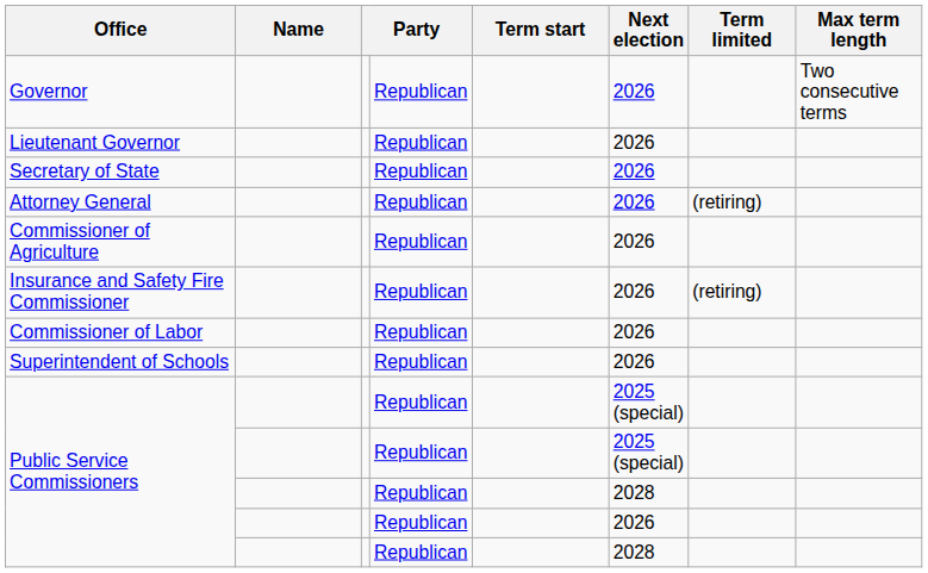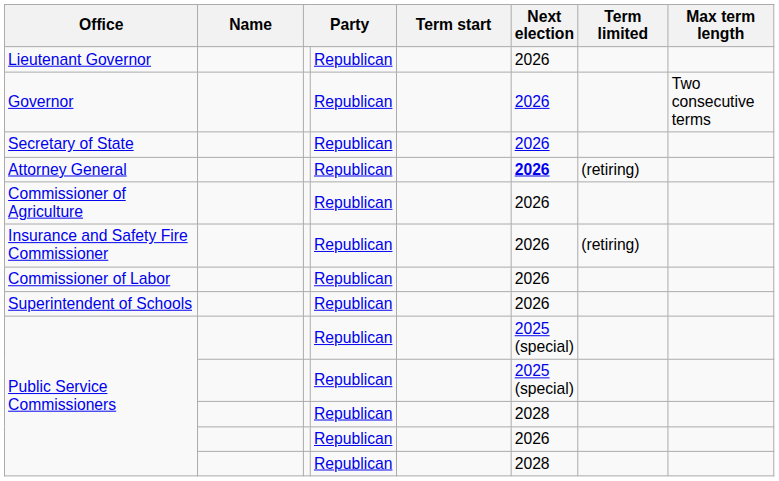 <table class="sortable wikitable">
 <tr>
 <th scope="col" width=190>Office</th>
 <th scope="col" width=100>Name</th>
 <th scope="col" width=75 colspan=2>Party</th>
 <th scope="col" width=110>Term start</th>
 <th scope="col" width=50>Next election</th>
 <th scope="col" width=85>Term limited</th>
 <th scope="col" width=100>Max term length</th>
 </tr>
 <tr>
+<td><a href='#'>Lieutenant Governor</a></td>
+<td></td>
+<td style="background-color:"></td>
+<td><a href='#'>Republican</a></td>
+<td></td>
+<td>2026</td>
+<td></td>
+<td></td>
+</tr>
+<tr>
 <td><a href='#'>Governor</a></td>
 <td></td>
 <td style="background-color:"></td>
 <td><a href='#'>Republican</a></td>
 <td></td>
 <td><a href='#'>2026</a></td>
 <td></td>
 <td>Two consecutive terms</td>
-</tr>
-<tr>
-<td><a href='#'>Lieutenant Governor</a></td>
-<td></td>
-<td style="background-color:"></td>
-<td><a href='#'>Republican</a></td>
-<td></td>
-<td>2026</td>
-<td></td>
-<td></td>
 </tr>
 <tr>
 <td><a href='#'>Secretary of State</a></td>
 <td></td>
 <td style="background-color:"></td>
 <td><a href='#'>Republican</a></td>
 <td></td>
 <td><a href='#'>2026</a></td>
 <td></td>
 <td></td>
 </tr>
 <tr>
 <td><a href='#'>Attorney General</a></td>
 <td></td>
 <td style="background-color:"></td>
 <td><a href='#'>Republican</a></td>
 <td></td>
-<td><a href='#'>2026</a></td>
+<td><strong><a href='#'>2026</a></strong></td>
 <td> (retiring)</td>
 <td></td>
 </tr>
 <tr>
 <td><a href='#'>Commissioner of Agriculture</a></td>
 <td></td>
 <td style="background-color:"></td>
 <td><a href='#'>Republican</a></td>
 <td></td>
 <td>2026</td>
 <td></td>
 <td></td>
 </tr>
 <tr>
 <td><a href='#'>Insurance and Safety Fire Commissioner</a></td>
 <td></td>
 <td style="background-color:"></td>
 <td><a href='#'>Republican</a></td>
 <td></td>
 <td>2026</td>
 <td> (retiring)</td>
 <td></td>
 </tr>
 <tr>
 <td><a href='#'>Commissioner of Labor</a></td>
 <td></td>
 <td style="background-color:"></td>
 <td><a href='#'>Republican</a></td>
 <td></td>
 <td>2026</td>
 <td></td>
 <td></td>
 </tr>
 <tr>
 <td><a href='#'>Superintendent of Schools</a></td>
 <td></td>
 <td style="background-color:"></td>
 <td><a href='#'>Republican</a></td>
 <td></td>
 <td>2026</td>
 <td></td>
 <td></td>
 </tr>
 <tr>
 <td rowspan=5><a href='#'>Public Service Commissioners</a></td>
 <td></td>
 <td style="background-color:"></td>
 <td><a href='#'>Republican</a></td>
 <td></td>
 <td><a href='#'>2025</a> (special)</td>
 <td></td>
 <td></td>
 </tr>
 <tr>
 <td></td>
 <td style="background-color:"></td>
 <td><a href='#'>Republican</a></td>
 <td></td>
 <td><a href='#'>2025</a> (special)</td>
 <td></td>
 <td></td>
 </tr>
 <tr>
 <td></td>
 <td style="background-color:"></td>
 <td><a href='#'>Republican</a></td>
 <td></td>
 <td>2028</td>
 <td></td>
 <td></td>
 </tr>
 <tr>
 <td></td>
 <td style="background-color:"></td>
 <td><a href='#'>Republican</a></td>
 <td></td>
 <td>2026</td>
 <td></td>
 <td></td>
 </tr>
 <tr>
 <td></td>
 <td style="background-color:"></td>
 <td><a href='#'>Republican</a></td>
 <td></td>
 <td>2028</td>
 <td></td>
 <td></td>
 </tr>
 </table>
